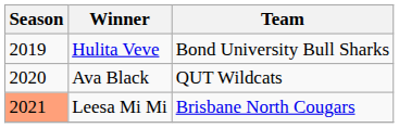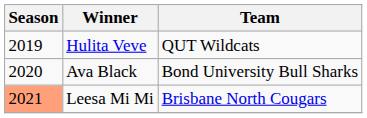 <table class="wikitable collapsible">
 <tr>
 <th>Season</th>
 <th>Winner</th>
 <th>Team</th>
 </tr>
 <tr>
 <td>2019</td>
 <td><a href='#'>Hulita Veve</a></td>
-<td>Bond University Bull Sharks</td>
+<td>QUT Wildcats</td>
 </tr>
 <tr>
 <td>2020</td>
 <td>Ava Black</td>
-<td>QUT Wildcats</td>
+<td>Bond University Bull Sharks</td>
 </tr>
 <tr>
 <td style="background: lightsalmon;">2021</td>
 <td>Leesa Mi Mi</td>
 <td><a href='#'>Brisbane North Cougars</a></td>
 </tr>
 <tr>
 </tr>
 </table>
